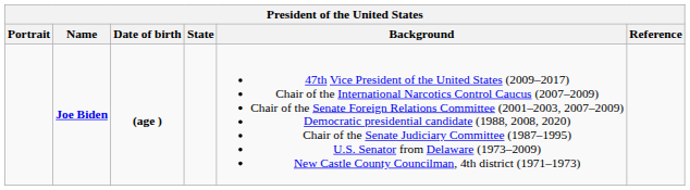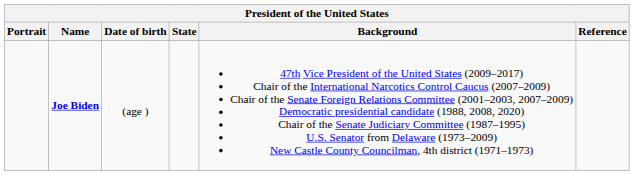 <table class="wikitable collapsible" style="text-align:center;">
 <tr>
 <th colspan="6">President of the United States</th>
 </tr>
 <tr>
 <th>Portrait</th>
 <th>Name</th>
 <th>Date of birth</th>
 <th>State</th>
 <th>Background</th>
 <th>Reference</th>
 </tr>
 <tr>
 <td></td>
 <td><strong><a href='#'>Joe Biden</a></strong></td>
-<td><strong><br>(age )</strong></td>
+<td><br>(age )</td>
 <td></td>
 <td><br><ul><li><a href='#'>47th</a> <a href='#'>Vice President of the United States</a> (2009–2017)</li><li>Chair of the <a href='#'>International Narcotics Control Caucus</a> (2007–2009)</li><li>Chair of the <a href='#'>Senate Foreign Relations Committee</a> (2001–2003, 2007–2009)</li><li><a href='#'>Democratic presidential candidate</a> (1988, 2008, 2020)</li><li>Chair of the <a href='#'>Senate Judiciary Committee</a> (1987–1995)</li><li><a href='#'>U.S. Senator</a> from <a href='#'>Delaware</a> (1973–2009)</li><li><a href='#'>New Castle County Councilman</a>, 4th district (1971–1973)</li></ul></td>
 <td></td>
 </tr>
 </table>
